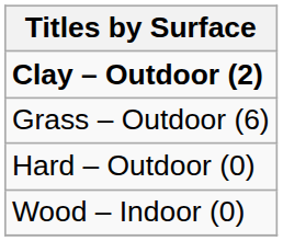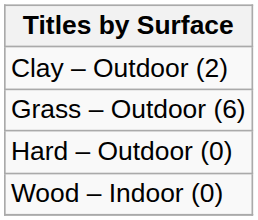 <table class="wikitable" style="display:inline-table;">
 <tr>
 <th>Titles by Surface</th>
 </tr>
 <tr>
-<td><strong>Clay – Outdoor (2)</strong></td>
+<td>Clay – Outdoor (2)</td>
 </tr>
 <tr>
 <td>Grass – Outdoor (6)</td>
 </tr>
 <tr>
 <td>Hard – Outdoor (0)</td>
 </tr>
 <tr>
 <td>Wood – Indoor (0)</td>
 </tr>
 <tr>
 </tr>
 </table>
